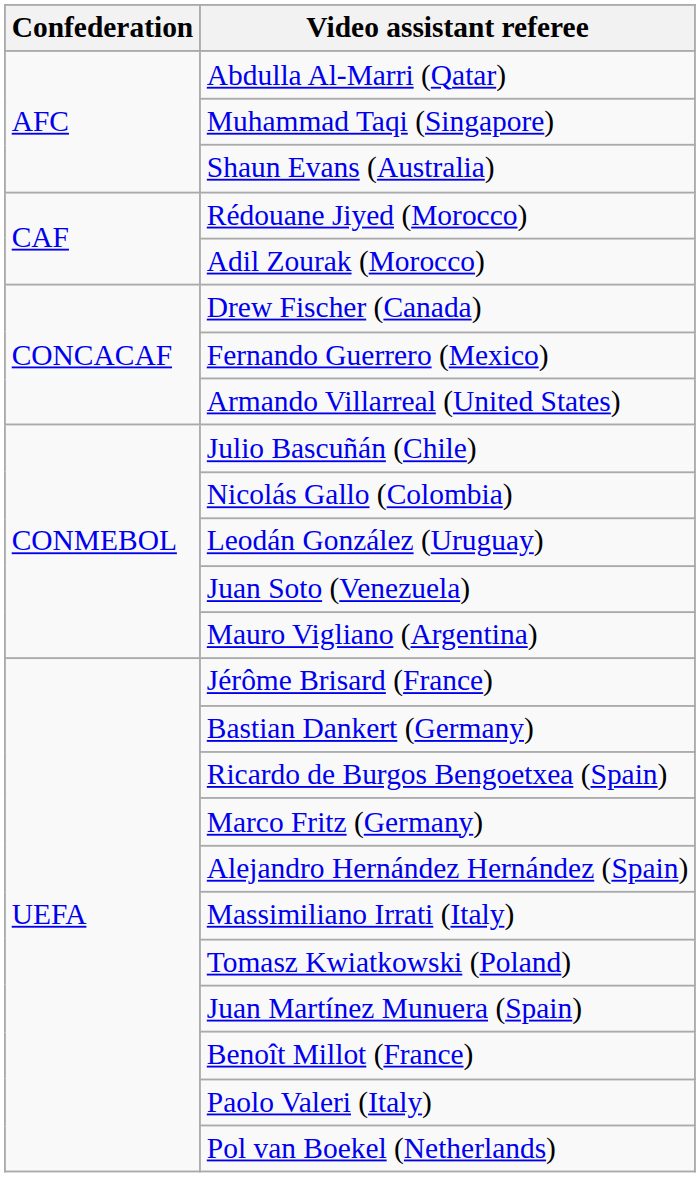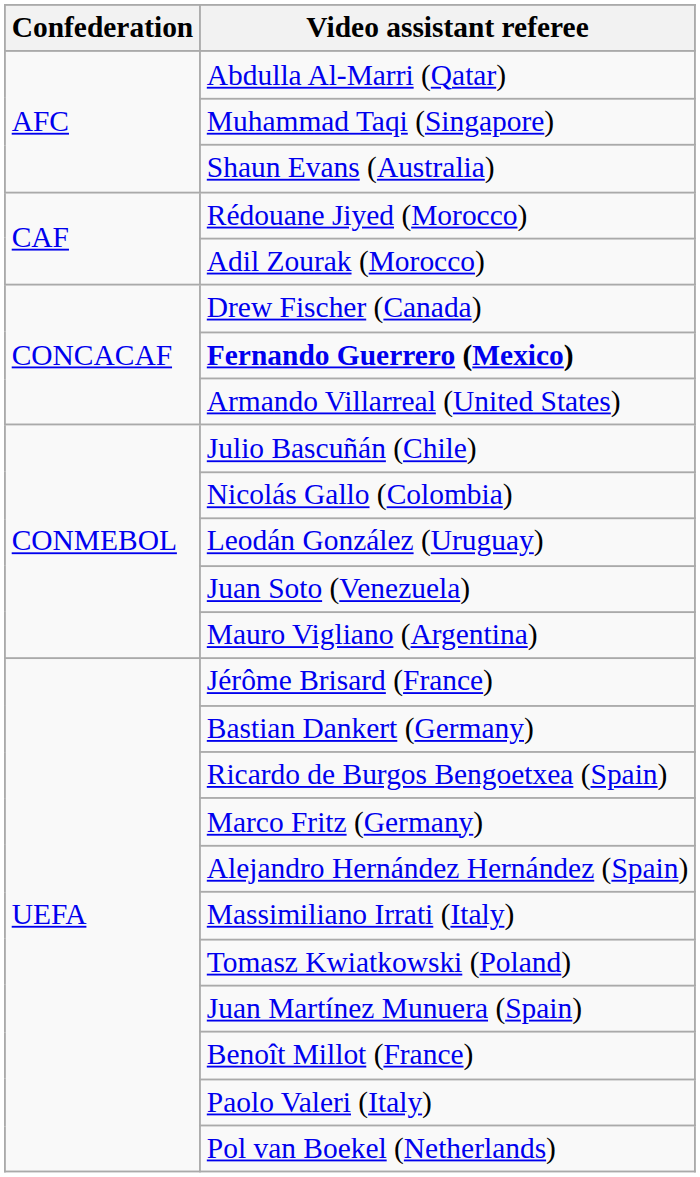 <table class="wikitable">
 <tr>
 <th>Confederation</th>
 <th>Video assistant referee</th>
 </tr>
 <tr>
 <td rowspan="3"><a href='#'>AFC</a></td>
 <td><a href='#'>Abdulla Al-Marri</a> (<a href='#'>Qatar</a>)</td>
 </tr>
 <tr>
 <td><a href='#'>Muhammad Taqi</a> (<a href='#'>Singapore</a>)</td>
 </tr>
 <tr>
 <td><a href='#'>Shaun Evans</a> (<a href='#'>Australia</a>)</td>
 </tr>
 <tr>
 <td rowspan="2"><a href='#'>CAF</a></td>
 <td><a href='#'>Rédouane Jiyed</a> (<a href='#'>Morocco</a>)</td>
 </tr>
 <tr>
 <td><a href='#'>Adil Zourak</a> (<a href='#'>Morocco</a>)</td>
 </tr>
 <tr>
 <td rowspan="3"><a href='#'>CONCACAF</a></td>
 <td><a href='#'>Drew Fischer</a> (<a href='#'>Canada</a>)</td>
 </tr>
 <tr>
-<td><a href='#'>Fernando Guerrero</a> (<a href='#'>Mexico</a>)</td>
+<td><strong><a href='#'>Fernando Guerrero</a> (<a href='#'>Mexico</a>)</strong></td>
 </tr>
 <tr>
 <td><a href='#'>Armando Villarreal</a> (<a href='#'>United States</a>)</td>
 </tr>
 <tr>
 <td rowspan="5"><a href='#'>CONMEBOL</a></td>
 <td><a href='#'>Julio Bascuñán</a> (<a href='#'>Chile</a>)</td>
 </tr>
 <tr>
 <td><a href='#'>Nicolás Gallo</a> (<a href='#'>Colombia</a>)</td>
 </tr>
 <tr>
 <td><a href='#'>Leodán González</a> (<a href='#'>Uruguay</a>)</td>
 </tr>
 <tr>
 <td><a href='#'>Juan Soto</a> (<a href='#'>Venezuela</a>)</td>
 </tr>
 <tr>
 <td><a href='#'>Mauro Vigliano</a> (<a href='#'>Argentina</a>)</td>
 </tr>
 <tr>
 <td rowspan="11"><a href='#'>UEFA</a></td>
 <td><a href='#'>Jérôme Brisard</a> (<a href='#'>France</a>)</td>
 </tr>
 <tr>
 <td><a href='#'>Bastian Dankert</a> (<a href='#'>Germany</a>)</td>
 </tr>
 <tr>
 <td><a href='#'>Ricardo de Burgos Bengoetxea</a> (<a href='#'>Spain</a>)</td>
 </tr>
 <tr>
 <td><a href='#'>Marco Fritz</a> (<a href='#'>Germany</a>)</td>
 </tr>
 <tr>
 <td><a href='#'>Alejandro Hernández Hernández</a> (<a href='#'>Spain</a>)</td>
 </tr>
 <tr>
 <td><a href='#'>Massimiliano Irrati</a> (<a href='#'>Italy</a>)</td>
 </tr>
 <tr>
 <td><a href='#'>Tomasz Kwiatkowski</a> (<a href='#'>Poland</a>)</td>
 </tr>
 <tr>
 <td><a href='#'>Juan Martínez Munuera</a> (<a href='#'>Spain</a>)</td>
 </tr>
 <tr>
 <td><a href='#'>Benoît Millot</a> (<a href='#'>France</a>)</td>
 </tr>
 <tr>
 <td><a href='#'>Paolo Valeri</a> (<a href='#'>Italy</a>)</td>
 </tr>
 <tr>
 <td><a href='#'>Pol van Boekel</a> (<a href='#'>Netherlands</a>)</td>
 </tr>
 </table>
